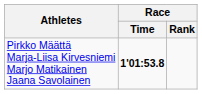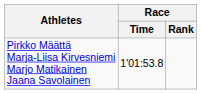 <table class="wikitable" border="1" style="font-size:90%">
 <tr>
 <th rowspan=2>Athletes</th>
 <th colspan=2>Race</th>
 </tr>
 <tr>
 <th>Time</th>
 <th>Rank</th>
 </tr>
 <tr>
 <td><a href='#'>Pirkko Määttä</a><br><a href='#'>Marja-Liisa Kirvesniemi</a><br><a href='#'>Marjo Matikainen</a><br><a href='#'>Jaana Savolainen</a></td>
-<td align=center><strong>1'01:53.8</strong></td>
+<td align=center>1'01:53.8</td>
 <td align=center></td>
 </tr>
 </table>
